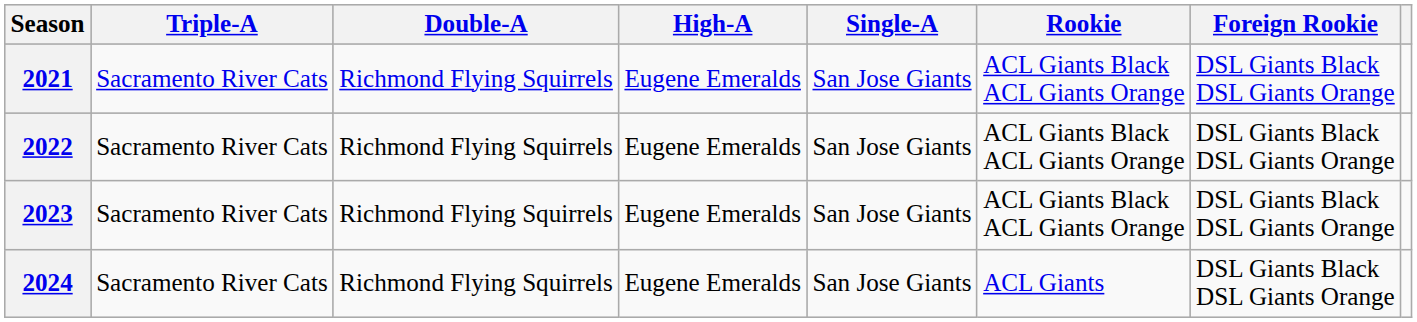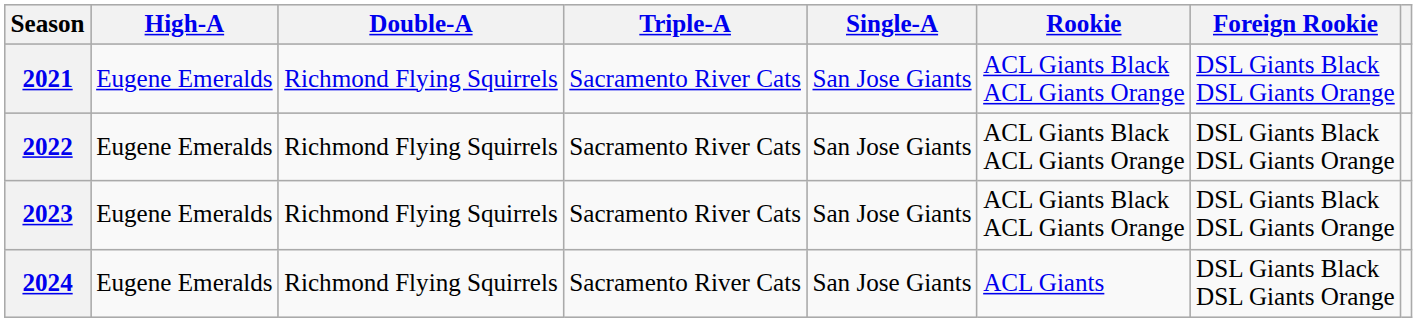 <table class="wikitable plainrowheaders">
 <tr>
 <th scope="col">Season</th>
+<th scope="col"><a href='#'><span>High-A</span></a></th>
+<th scope="col"><a href='#'><span>Double-A</span></a></th>
 <th scope="col"><a href='#'><span>Triple-A</span></a></th>
-<th scope="col"><a href='#'><span>Double-A</span></a></th>
-<th scope="col"><a href='#'><span>High-A</span></a></th>
 <th scope="col"><a href='#'><span>Single-A</span></a></th>
 <th scope="col"><a href='#'><span>Rookie</span></a></th>
 <th scope="col"><a href='#'><span>Foreign Rookie</span></a></th>
 <th scope="col"></th>
 </tr>
 <tr>
 <th scope="row" style="text-align:center"><a href='#'>2021</a></th>
+<td><a href='#'>Eugene Emeralds</a></td>
+<td><a href='#'>Richmond Flying Squirrels</a></td>
 <td><a href='#'>Sacramento River Cats</a></td>
-<td><a href='#'>Richmond Flying Squirrels</a></td>
-<td><a href='#'>Eugene Emeralds</a></td>
 <td><a href='#'>San Jose Giants</a></td>
 <td><a href='#'>ACL Giants Black</a><br><a href='#'>ACL Giants Orange</a></td>
 <td><a href='#'>DSL Giants Black</a><br><a href='#'>DSL Giants Orange</a></td>
 <td align="center"></td>
 </tr>
 <tr>
 <th scope="row" style="text-align:center"><a href='#'>2022</a></th>
+<td>Eugene Emeralds</td>
+<td>Richmond Flying Squirrels</td>
 <td>Sacramento River Cats</td>
-<td>Richmond Flying Squirrels</td>
-<td>Eugene Emeralds</td>
 <td>San Jose Giants</td>
 <td>ACL Giants Black<br>ACL Giants Orange</td>
 <td>DSL Giants Black<br>DSL Giants Orange</td>
 <td align="center"></td>
 </tr>
 <tr>
 <th scope="row" style="text-align:center"><a href='#'>2023</a></th>
+<td>Eugene Emeralds</td>
+<td>Richmond Flying Squirrels</td>
 <td>Sacramento River Cats</td>
-<td>Richmond Flying Squirrels</td>
-<td>Eugene Emeralds</td>
 <td>San Jose Giants</td>
 <td>ACL Giants Black<br>ACL Giants Orange</td>
 <td>DSL Giants Black<br>DSL Giants Orange</td>
 <td align="center"></td>
 </tr>
 <tr>
 <th scope="row" style="text-align:center"><a href='#'>2024</a></th>
+<td>Eugene Emeralds</td>
+<td>Richmond Flying Squirrels</td>
 <td>Sacramento River Cats</td>
-<td>Richmond Flying Squirrels</td>
-<td>Eugene Emeralds</td>
 <td>San Jose Giants</td>
 <td><a href='#'>ACL Giants</a></td>
 <td>DSL Giants Black<br>DSL Giants Orange</td>
 <td align="center"></td>
 </tr>
 </table>
